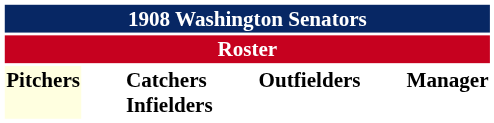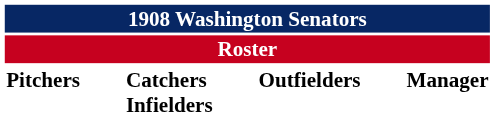 <table class="toccolours" style="font-size: 95%;">
 <tr>
 <th colspan="10" style="background-color: #072764; color: white; text-align: center;">1908 Washington Senators</th>
 </tr>
 <tr>
 <td colspan="10" style="background-color: #c6011f; color: white; text-align: center;"><strong>Roster</strong></td>
 </tr>
 <tr>
-<td valign="top" style="background: lightyellow;"><strong>Pitchers</strong><br>          </td>
+<td valign="top"><strong>Pitchers</strong><br>          </td>
 <td width="25px"></td>
 <td valign="top"><strong>Catchers</strong><br>   <strong>Infielders</strong>      </td>
 <td width="25px"></td>
 <td valign="top"><strong>Outfielders</strong><br>    </td>
 <td width="25px"></td>
 <td valign="top"><strong>Manager</strong><br></td>
 </tr>
 </table>
